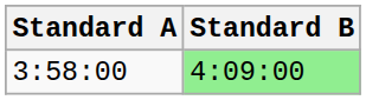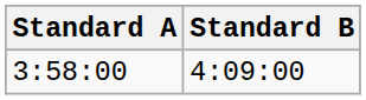 <table class="wikitable" border="1" align="upright">
 <tr>
 <th>Standard A</th>
 <th>Standard B</th>
 </tr>
 <tr>
 <td>3:58:00</td>
-<td style="background: lightgreen;">4:09:00</td>
+<td>4:09:00</td>
 </tr>
 </table>
